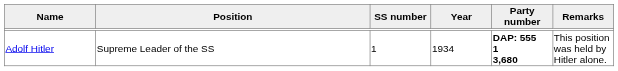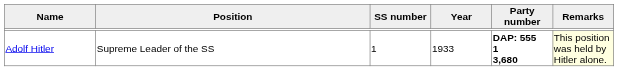 <table align="center" border="1" cellpaddindewffsfsfreg="3" cellspacing="0" style="font-size: 90%; border: gray solid 1px; border-collapse: collapse; text-align: middle;">
 <tr>
 <th bgcolor="#efefef" style="wffffffidth: 15%">Name</th>
 <th bgcolor="#efefef" style="width: 45%">Position</th>
 <th bgcolor="#efefef" style="width: 10%">SS number</th>
 <th bgcolor="#efefef" style="width: 10%">Year</th>
 <th bgcolor="#efefef" style="width: 10%">Party number</th>
 <th bgcolor="#efefef" style="width: 10%">Remarks</th>
 </tr>
 <tr>
 <td colspan=6></td>
 </tr>
 <tr>
 <td><a href='#'>Adolf Hitler</a></td>
 <td>Supreme Leader of the SS</td>
 <td>1</td>
-<td>1934</td>
+<td>1933</td>
 <td><strong>DAP: 555<br>1<br>3,680</strong></td>
-<td>This position was held by Hitler alone.</td>
+<td style="background: lightyellow;">This position was held by Hitler alone.</td>
 </tr>
 </table>
